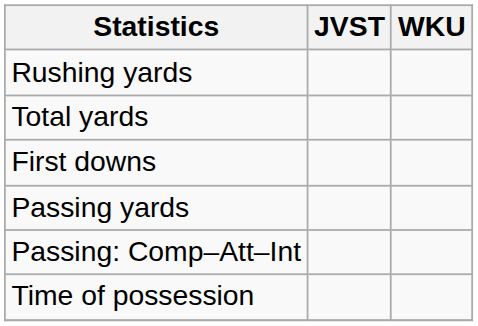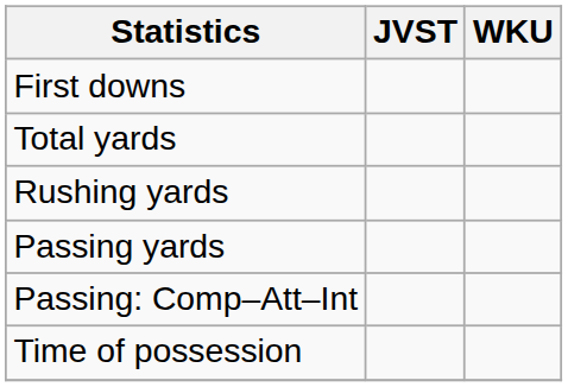 <table class="wikitable" style="float: left;">
 <tr>
 <th>Statistics</th>
 <th>JVST</th>
 <th>WKU</th>
 </tr>
 <tr>
-<td>Rushing yards</td>
+<td>First downs</td>
 <td></td>
 <td></td>
 </tr>
 <tr>
 <td>Total yards</td>
 <td></td>
 <td></td>
 </tr>
 <tr>
-<td>First downs</td>
+<td>Rushing yards</td>
 <td></td>
 <td></td>
 </tr>
 <tr>
 <td>Passing yards</td>
 <td></td>
 <td></td>
 </tr>
 <tr>
 <td>Passing: Comp–Att–Int</td>
 <td></td>
 <td></td>
 </tr>
 <tr>
 <td>Time of possession</td>
 <td></td>
 <td></td>
 </tr>
 <tr>
 </tr>
 </table>
